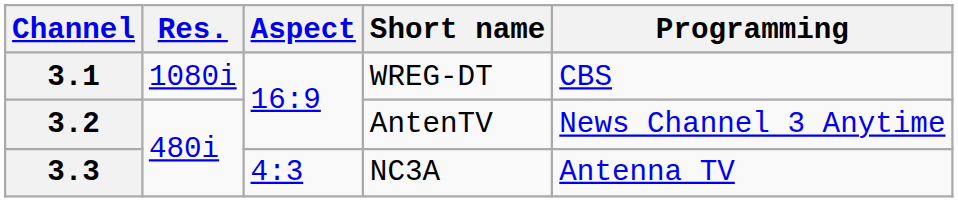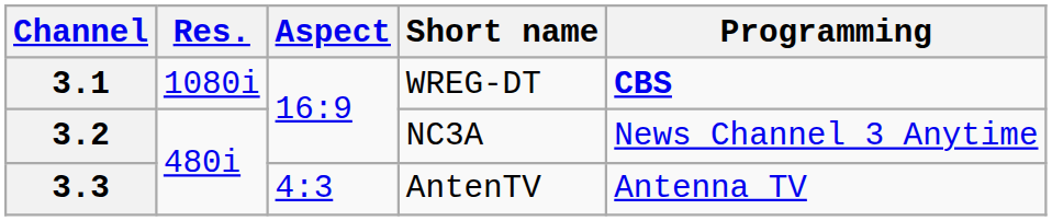 <table class="wikitable">
 <tr>
 <th><a href='#'>Channel</a></th>
 <th><a href='#'>Res.</a></th>
 <th><a href='#'>Aspect</a></th>
 <th>Short name</th>
 <th>Programming</th>
 </tr>
 <tr>
 <th scope = "row">3.1</th>
 <td><a href='#'>1080i</a></td>
 <td rowspan="2"><a href='#'>16:9</a></td>
 <td>WREG-DT</td>
-<td><a href='#'>CBS</a></td>
+<td><strong><a href='#'>CBS</a></strong></td>
 </tr>
 <tr>
 <th scope = "row">3.2</th>
 <td rowspan=2><a href='#'>480i</a></td>
-<td>AntenTV</td>
+<td>NC3A</td>
 <td><a href='#'>News Channel 3 Anytime</a></td>
 </tr>
 <tr>
 <th scope = "row">3.3</th>
 <td><a href='#'>4:3</a></td>
-<td>NC3A</td>
+<td>AntenTV</td>
 <td><a href='#'>Antenna TV</a></td>
 </tr>
 </table>
